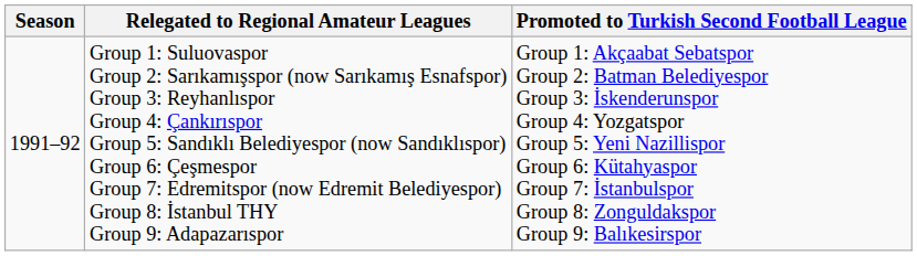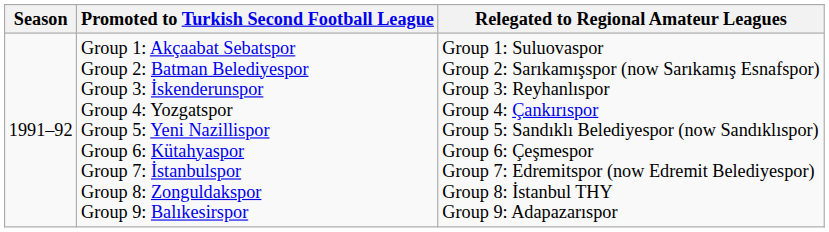 <table class="wikitable">
 <tr>
 <th>Season</th>
+<th>Promoted to <a href='#'>Turkish Second Football League</a></th>
 <th>Relegated to Regional Amateur Leagues</th>
-<th>Promoted to <a href='#'>Turkish Second Football League</a></th>
 </tr>
 <tr>
 <td>1991–92</td>
+<td>Group 1: <a href='#'>Akçaabat Sebatspor</a><br>Group 2: <a href='#'>Batman Belediyespor</a><br>Group 3: <a href='#'>İskenderunspor</a><br>Group 4: Yozgatspor<br>Group 5: <a href='#'>Yeni Nazillispor</a><br>Group 6: <a href='#'>Kütahyaspor</a><br>Group 7: <a href='#'>İstanbulspor</a><br>Group 8: <a href='#'>Zonguldakspor</a><br>Group 9: <a href='#'>Balıkesirspor</a></td>
 <td>Group 1: Suluovaspor<br>Group 2: Sarıkamışspor (now Sarıkamış Esnafspor)<br>Group 3: Reyhanlıspor<br>Group 4: <a href='#'>Çankırıspor</a><br>Group 5: Sandıklı Belediyespor (now Sandıklıspor)<br>Group 6: Çeşmespor<br>Group 7: Edremitspor (now Edremit Belediyespor)<br>Group 8: İstanbul THY<br>Group 9: Adapazarıspor</td>
-<td>Group 1: <a href='#'>Akçaabat Sebatspor</a><br>Group 2: <a href='#'>Batman Belediyespor</a><br>Group 3: <a href='#'>İskenderunspor</a><br>Group 4: Yozgatspor<br>Group 5: <a href='#'>Yeni Nazillispor</a><br>Group 6: <a href='#'>Kütahyaspor</a><br>Group 7: <a href='#'>İstanbulspor</a><br>Group 8: <a href='#'>Zonguldakspor</a><br>Group 9: <a href='#'>Balıkesirspor</a></td>
 </tr>
 </table>
